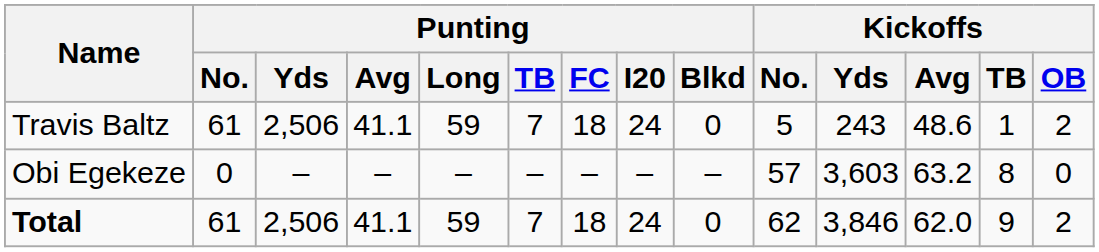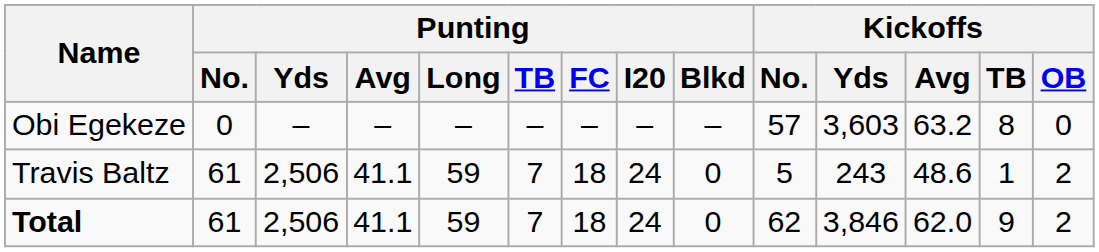 <table class="wikitable" border="1" style="white-space:nowrap;">
 <tr>
 <th rowspan="2">Name</th>
 <th colspan="8">Punting</th>
 <th colspan="5">Kickoffs</th>
 </tr>
 <tr>
 <th>No.</th>
 <th>Yds</th>
 <th>Avg</th>
 <th>Long</th>
 <th><a href='#'>TB</a></th>
 <th><a href='#'>FC</a></th>
 <th>I20</th>
 <th>Blkd</th>
 <th>No.</th>
 <th>Yds</th>
 <th>Avg</th>
 <th>TB</th>
 <th><a href='#'>OB</a></th>
 </tr>
 <tr style="text-align:center;">
+<td align=left>Obi Egekeze</td>
+<td>0</td>
+<td>–</td>
+<td>–</td>
+<td>–</td>
+<td>–</td>
+<td>–</td>
+<td>–</td>
+<td>–</td>
+<td>57</td>
+<td>3,603</td>
+<td>63.2</td>
+<td>8</td>
+<td>0</td>
+</tr>
+<tr style="text-align:center;">
 <td align=left>Travis Baltz</td>
 <td>61</td>
 <td>2,506</td>
 <td>41.1</td>
 <td>59</td>
 <td>7</td>
 <td>18</td>
 <td>24</td>
 <td>0</td>
 <td>5</td>
 <td>243</td>
 <td>48.6</td>
 <td>1</td>
 <td>2</td>
-</tr>
-<tr style="text-align:center;">
-<td align=left>Obi Egekeze</td>
-<td>0</td>
-<td>–</td>
-<td>–</td>
-<td>–</td>
-<td>–</td>
-<td>–</td>
-<td>–</td>
-<td>–</td>
-<td>57</td>
-<td>3,603</td>
-<td>63.2</td>
-<td>8</td>
-<td>0</td>
 </tr>
 <tr style="text-align:center;">
 <td align=left><strong>Total</strong></td>
 <td>61</td>
 <td>2,506</td>
 <td>41.1</td>
 <td>59</td>
 <td>7</td>
 <td>18</td>
 <td>24</td>
 <td>0</td>
 <td>62</td>
 <td>3,846</td>
 <td>62.0</td>
 <td>9</td>
 <td>2</td>
 </tr>
 </table>
